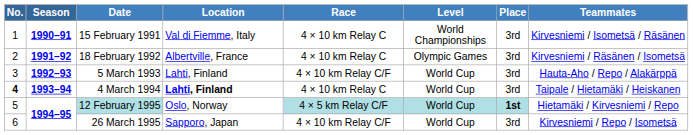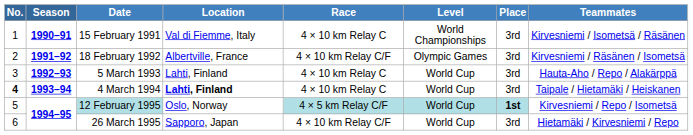 <table class="wikitable sortable" style="font-size:95%; text-align:center; border:grey solid 1px; border-collapse:collapse; background:#ffffff;">
 <tr style="background:#efefef;">
 <th style="background-color:#369; color:white;">No.</th>
 <th style="background-color:#369; color:white;">Season</th>
 <th style="background-color:#4180be; color:white; width:120px;">Date</th>
 <th style="background-color:#4180be; color:white; width:170px;">Location</th>
 <th style="background-color:#4180be; color:white; width:170px;">Race</th>
 <th style="background-color:#4180be; color:white; width:130px;">Level</th>
 <th style="background-color:#4180be; color:white;">Place</th>
 <th style="background-color:#4180be; color:white;">Teammates</th>
 </tr>
 <tr>
 <td align=center>1</td>
 <td rowspan=1 align=center><strong> <a href='#'>1990–91</a> </strong></td>
 <td align=right>15 February 1991</td>
 <td align=left> <a href='#'>Val di Fiemme</a>, Italy</td>
 <td>4 × 10 km Relay C</td>
 <td>World Championships</td>
 <td>3rd</td>
 <td><a href='#'>Kirvesniemi</a> / <a href='#'>Isometsä</a> / <a href='#'>Räsänen</a></td>
 </tr>
 <tr>
 <td align=center>2</td>
 <td rowspan=1 align=center><strong> <a href='#'>1991–92</a> </strong></td>
 <td align=right>18 February 1992</td>
 <td align=left> <a href='#'>Albertville</a>, France</td>
-<td>4 × 10 km Relay C</td>
+<td>4 × 10 km Relay C/F</td>
 <td>Olympic Games</td>
 <td>3rd</td>
 <td><a href='#'>Kirvesniemi</a> / <a href='#'>Räsänen</a> / <a href='#'>Isometsä</a></td>
 </tr>
 <tr>
 <td align=center>3</td>
 <td rowspan=1 align=center><strong><a href='#'>1992–93</a></strong></td>
 <td align=right>5 March 1993</td>
 <td align=left> <a href='#'>Lahti</a>, Finland</td>
-<td>4 × 10 km Relay C/F</td>
+<td>4 × 10 km Relay C</td>
 <td>World Cup</td>
 <td>3rd</td>
 <td><a href='#'>Hauta-Aho</a> / <a href='#'>Repo</a> / <a href='#'>Alakärppä</a></td>
 </tr>
 <tr>
 <td align=center><strong>4</strong></td>
 <td rowspan=1 align=center><strong><a href='#'>1993–94</a></strong></td>
 <td align=right>4 March 1994</td>
 <td align=left><strong> <a href='#'>Lahti</a>, Finland</strong></td>
 <td>4 × 10 km Relay C</td>
 <td>World Cup</td>
 <td>3rd</td>
 <td><a href='#'>Taipale</a> / <a href='#'>Hietamäki</a> / <a href='#'>Heiskanen</a></td>
 </tr>
 <tr>
 <td align=center>5</td>
 <td rowspan=2 align=center><strong><a href='#'>1994–95</a></strong></td>
 <td bgcolor="#BOEOE6" align=right>12 February 1995</td>
 <td align=left> <a href='#'>Oslo</a>, Norway</td>
 <td bgcolor="#BOEOE6">4 × 5 km Relay C/F</td>
 <td bgcolor="#BOEOE6">World Cup</td>
 <td bgcolor="#BOEOE6"><strong>1st</strong></td>
-<td><a href='#'>Hietamäki</a> / <a href='#'>Kirvesniemi</a> / <a href='#'>Repo</a></td>
+<td><a href='#'>Kirvesniemi</a> / <a href='#'>Repo</a> / <a href='#'>Isometsä</a></td>
 </tr>
 <tr>
 <td align=center>6</td>
 <td align=right>26 March 1995</td>
 <td align=left> <a href='#'>Sapporo</a>, Japan</td>
 <td>4 × 10 km Relay C/F</td>
 <td>World Cup</td>
 <td>3rd</td>
-<td><a href='#'>Kirvesniemi</a> / <a href='#'>Repo</a> / <a href='#'>Isometsä</a></td>
+<td><a href='#'>Hietamäki</a> / <a href='#'>Kirvesniemi</a> / <a href='#'>Repo</a></td>
 </tr>
 </table>
